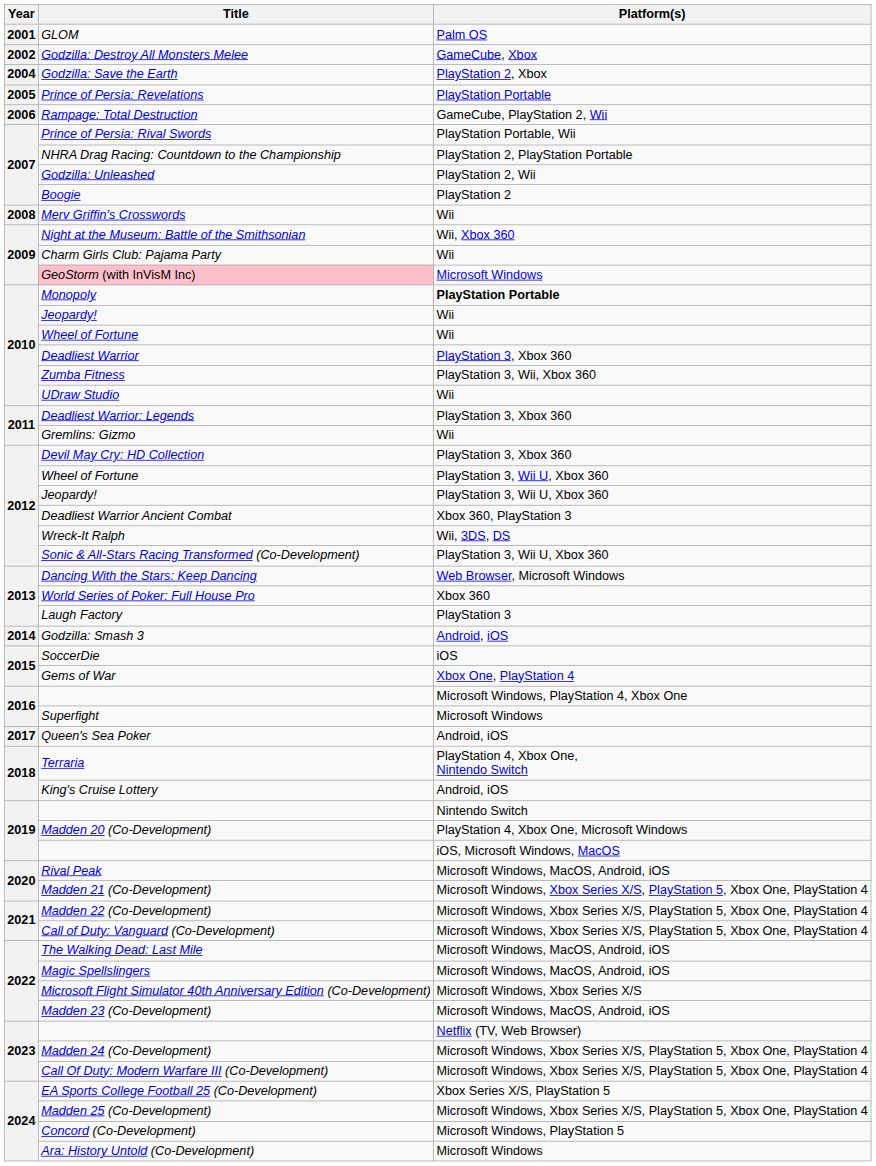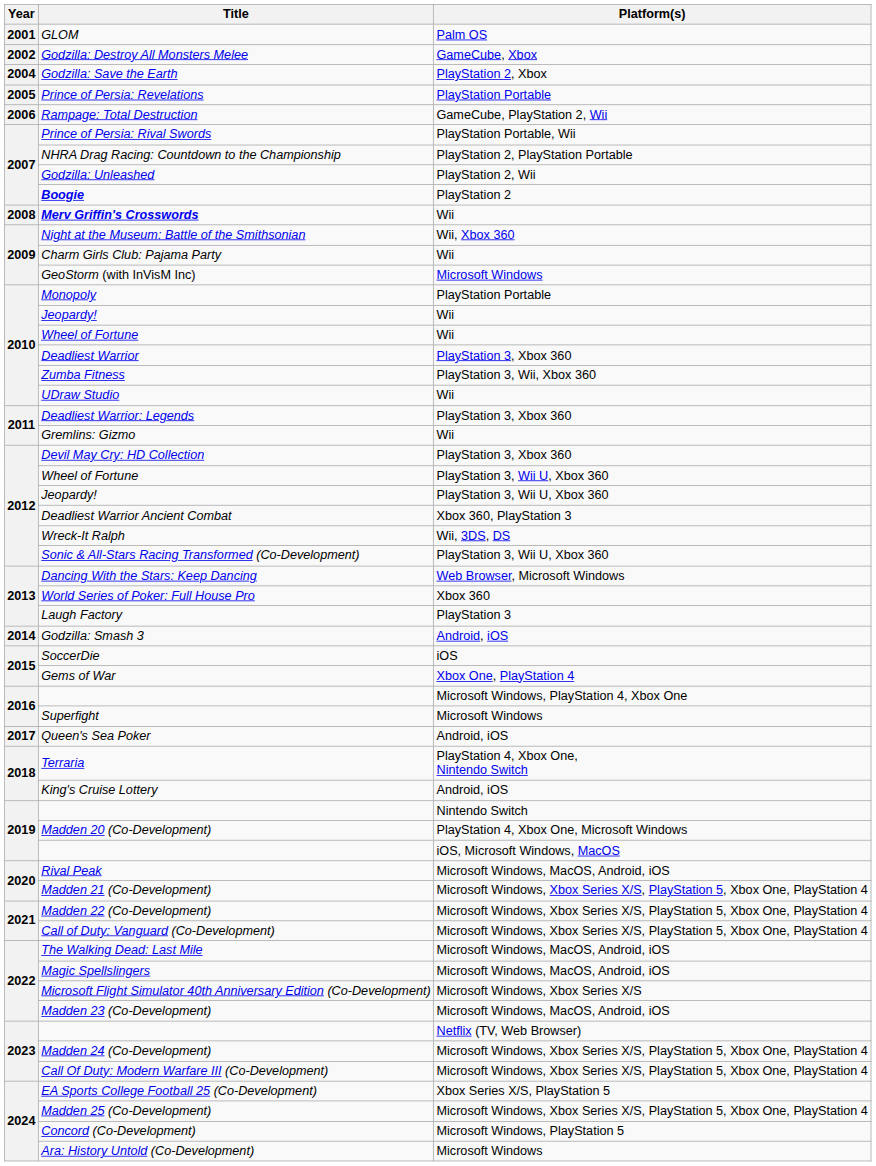 <table class="wikitable sortable plainrowheaders">
 <tr>
 <th scope="col">Year</th>
 <th scope="col">Title</th>
 <th scope="col">Platform(s)</th>
 </tr>
 <tr>
 <th scope="row">2001</th>
 <td><em>GLOM</em></td>
 <td><a href='#'>Palm OS</a></td>
 </tr>
 <tr>
 <th scope="row">2002</th>
 <td><em><a href='#'>Godzilla: Destroy All Monsters Melee</a></em></td>
 <td><a href='#'>GameCube</a>, <a href='#'>Xbox</a></td>
 </tr>
 <tr>
 <th scope="row">2004</th>
 <td><em><a href='#'>Godzilla: Save the Earth</a></em></td>
 <td><a href='#'>PlayStation 2</a>, Xbox</td>
 </tr>
 <tr>
 <th scope="row">2005</th>
 <td><em><a href='#'>Prince of Persia: Revelations</a></em></td>
 <td><a href='#'>PlayStation Portable</a></td>
 </tr>
 <tr>
 <th scope="row">2006</th>
 <td><em><a href='#'>Rampage: Total Destruction</a></em></td>
 <td>GameCube, PlayStation 2, <a href='#'>Wii</a></td>
 </tr>
 <tr>
 <th scope="row" rowspan="4">2007</th>
 <td><em><a href='#'>Prince of Persia: Rival Swords</a></em></td>
 <td>PlayStation Portable, Wii</td>
 </tr>
 <tr>
 <td><em>NHRA Drag Racing: Countdown to the Championship</em></td>
 <td>PlayStation 2, PlayStation Portable</td>
 </tr>
 <tr>
 <td><em><a href='#'>Godzilla: Unleashed</a></em></td>
 <td>PlayStation 2, Wii</td>
 </tr>
 <tr>
-<td><em><a href='#'>Boogie</a></em></td>
+<td><strong><em><a href='#'>Boogie</a></em></strong></td>
 <td>PlayStation 2</td>
 </tr>
 <tr>
 <th scope="row">2008</th>
-<td><em><a href='#'>Merv Griffin's Crosswords</a></em></td>
+<td><strong><em><a href='#'>Merv Griffin's Crosswords</a></em></strong></td>
 <td>Wii</td>
 </tr>
 <tr>
 <th scope="row" rowspan="3">2009</th>
 <td><em><a href='#'>Night at the Museum: Battle of the Smithsonian</a></em></td>
 <td>Wii, <a href='#'>Xbox 360</a></td>
 </tr>
 <tr>
 <td><em>Charm Girls Club: Pajama Party</em></td>
 <td>Wii</td>
 </tr>
 <tr>
-<td style="background: pink;"><em>GeoStorm</em> (with InVisM Inc)</td>
+<td><em>GeoStorm</em> (with InVisM Inc)</td>
 <td><a href='#'>Microsoft Windows</a></td>
 </tr>
 <tr>
 <th rowspan="6" scope="row">2010</th>
 <td><em><a href='#'>Monopoly</a></em></td>
-<td><strong>PlayStation Portable</strong></td>
+<td>PlayStation Portable</td>
 </tr>
 <tr>
 <td><em><a href='#'>Jeopardy!</a></em></td>
 <td>Wii</td>
 </tr>
 <tr>
 <td><em><a href='#'>Wheel of Fortune</a></em></td>
 <td>Wii</td>
 </tr>
 <tr>
 <td><em><a href='#'>Deadliest Warrior</a></em></td>
 <td><a href='#'>PlayStation 3</a>, Xbox 360</td>
 </tr>
 <tr>
 <td><em><a href='#'>Zumba Fitness</a></em></td>
 <td>PlayStation 3, Wii, Xbox 360</td>
 </tr>
 <tr>
 <td><em><a href='#'>UDraw Studio</a></em></td>
 <td>Wii</td>
 </tr>
 <tr>
 <th rowspan="2" scope="row">2011</th>
 <td><em><a href='#'>Deadliest Warrior: Legends</a></em></td>
 <td>PlayStation 3, Xbox 360</td>
 </tr>
 <tr>
 <td><em>Gremlins: Gizmo</em></td>
 <td>Wii</td>
 </tr>
 <tr>
 <th rowspan="6" scope="row">2012</th>
 <td><em><a href='#'>Devil May Cry: HD Collection</a></em></td>
 <td>PlayStation 3, Xbox 360</td>
 </tr>
 <tr>
 <td><em>Wheel of Fortune</em></td>
 <td>PlayStation 3, <a href='#'>Wii U</a>, Xbox 360</td>
 </tr>
 <tr>
 <td><em>Jeopardy!</em></td>
 <td>PlayStation 3, Wii U, Xbox 360</td>
 </tr>
 <tr>
 <td><em>Deadliest Warrior Ancient Combat</em></td>
 <td>Xbox 360, PlayStation 3</td>
 </tr>
 <tr>
 <td><em>Wreck-It Ralph</em></td>
 <td>Wii, <a href='#'>3DS</a>, <a href='#'>DS</a></td>
 </tr>
 <tr>
 <td><em><a href='#'>Sonic & All-Stars Racing Transformed</a> (Co-Development)</em></td>
 <td>PlayStation 3, Wii U, Xbox 360</td>
 </tr>
 <tr>
 <th scope="row" rowspan="3">2013</th>
 <td><em><a href='#'>Dancing With the Stars: Keep Dancing</a></em></td>
 <td><a href='#'>Web Browser</a>, Microsoft Windows</td>
 </tr>
 <tr>
 <td><em><a href='#'>World Series of Poker: Full House Pro</a></em></td>
 <td>Xbox 360</td>
 </tr>
 <tr>
 <td><em>Laugh Factory</em></td>
 <td>PlayStation 3</td>
 </tr>
 <tr>
 <th scope="row">2014</th>
 <td><em>Godzilla: Smash 3</em></td>
 <td><a href='#'>Android</a>, <a href='#'>iOS</a></td>
 </tr>
 <tr>
 <th rowspan="2" scope="row">2015</th>
 <td><em>SoccerDie</em></td>
 <td>iOS</td>
 </tr>
 <tr>
 <td><em>Gems of War</em></td>
 <td><a href='#'>Xbox One</a>, <a href='#'>PlayStation 4</a></td>
 </tr>
 <tr>
 <th rowspan="2" scope="row">2016</th>
 <td><em></em></td>
 <td>Microsoft Windows, PlayStation 4, Xbox One</td>
 </tr>
 <tr>
 <td><em>Superfight</em></td>
 <td>Microsoft Windows</td>
 </tr>
 <tr>
 <th scope="row">2017</th>
 <td><em>Queen's Sea Poker</em></td>
 <td>Android, iOS</td>
 </tr>
 <tr>
 <th scope="row" rowspan="2">2018</th>
 <td><em><a href='#'>Terraria</a></em></td>
 <td>PlayStation 4, Xbox One,<br><a href='#'>Nintendo Switch</a></td>
 </tr>
 <tr>
 <td><em>King's Cruise Lottery</em></td>
 <td>Android, iOS</td>
 </tr>
 <tr>
 <th scope="row" rowspan="3">2019</th>
 <td><em></em></td>
 <td>Nintendo Switch</td>
 </tr>
 <tr>
 <td><em><a href='#'>Madden 20</a> (Co-Development)</em></td>
 <td>PlayStation 4, Xbox One, Microsoft Windows</td>
 </tr>
 <tr>
 <td><em></em></td>
 <td>iOS, Microsoft Windows, <a href='#'>MacOS</a></td>
 </tr>
 <tr>
 <th scope="row" rowspan="2">2020</th>
 <td><em><a href='#'>Rival Peak</a></em></td>
 <td>Microsoft Windows, MacOS, Android, iOS</td>
 </tr>
 <tr>
 <td><em><a href='#'>Madden 21</a> (Co-Development)</em></td>
 <td>Microsoft Windows, <a href='#'>Xbox Series X/S</a>, <a href='#'>PlayStation 5</a>, Xbox One, PlayStation 4</td>
 </tr>
 <tr>
 <th scope="row" rowspan="2">2021</th>
 <td><em><a href='#'>Madden 22</a> (Co-Development)</em></td>
 <td>Microsoft Windows, Xbox Series X/S, PlayStation 5, Xbox One, PlayStation 4</td>
 </tr>
 <tr>
 <td><em><a href='#'>Call of Duty: Vanguard</a> (Co-Development)</em></td>
 <td>Microsoft Windows, Xbox Series X/S, PlayStation 5, Xbox One, PlayStation 4</td>
 </tr>
 <tr>
 <th scope="row" rowspan="4">2022</th>
 <td><em><a href='#'>The Walking Dead: Last Mile</a></em></td>
 <td>Microsoft Windows, MacOS, Android, iOS</td>
 </tr>
 <tr>
 <td><em><a href='#'>Magic Spellslingers</a></em></td>
 <td>Microsoft Windows, MacOS, Android, iOS</td>
 </tr>
 <tr>
 <td><em><a href='#'>Microsoft Flight Simulator 40th Anniversary Edition</a> (Co-Development)</em></td>
 <td>Microsoft Windows, Xbox Series X/S</td>
 </tr>
 <tr>
 <td><em><a href='#'>Madden 23</a> (Co-Development)</em></td>
 <td>Microsoft Windows, MacOS, Android, iOS</td>
 </tr>
 <tr>
 <th scope="row" rowspan="3">2023</th>
 <td><em></em></td>
 <td><a href='#'>Netflix</a> (TV, Web Browser)</td>
 </tr>
 <tr>
 <td><em><a href='#'>Madden 24</a> (Co-Development)</em></td>
 <td>Microsoft Windows, Xbox Series X/S, PlayStation 5, Xbox One, PlayStation 4</td>
 </tr>
 <tr>
 <td><em><a href='#'>Call Of Duty: Modern Warfare III</a> (Co-Development)</em></td>
 <td>Microsoft Windows, Xbox Series X/S, PlayStation 5, Xbox One, PlayStation 4</td>
 </tr>
 <tr>
 <th scope="row" rowspan="4">2024</th>
 <td><em><a href='#'>EA Sports College Football 25</a> (Co-Development)</em></td>
 <td>Xbox Series X/S, PlayStation 5</td>
 </tr>
 <tr>
 <td><em><a href='#'>Madden 25</a> (Co-Development)</em></td>
 <td>Microsoft Windows, Xbox Series X/S, PlayStation 5, Xbox One, PlayStation 4</td>
 </tr>
 <tr>
 <td><em><a href='#'>Concord</a> (Co-Development)</em></td>
 <td>Microsoft Windows, PlayStation 5</td>
 </tr>
 <tr>
 <td><em><a href='#'>Ara: History Untold</a> (Co-Development)</em></td>
 <td>Microsoft Windows</td>
 </tr>
 </table>
